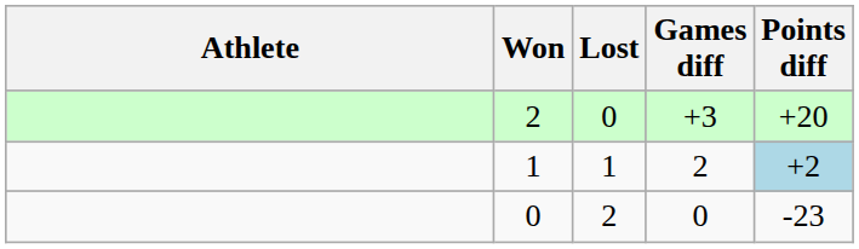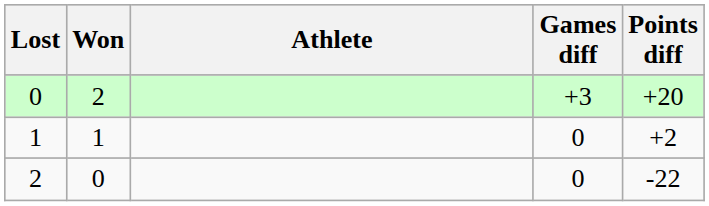 <table class="wikitable">
 <tr>
+<th>Lost</th>
+<th>Won</th>
 <th style="width:15em">Athlete</th>
-<th>Won</th>
-<th>Lost</th>
 <th>Games<br>diff</th>
 <th>Points<br>diff</th>
 </tr>
 <tr bgcolor="#ccffcc">
+<td align="center">0</td>
+<td align="center">2</td>
 <td></td>
-<td align="center">2</td>
-<td align="center">0</td>
 <td align="center">+3</td>
 <td align="center">+20</td>
 </tr>
 <tr>
-<td></td>
 <td align="center">1</td>
 <td align="center">1</td>
-<td align="center">2</td>
-<td align="center" style="background: lightblue;">+2</td>
+<td></td>
+<td align="center">0</td>
+<td align="center">+2</td>
 </tr>
 <tr>
+<td align="center">2</td>
+<td align="center">0</td>
 <td></td>
 <td align="center">0</td>
-<td align="center">2</td>
-<td align="center">0</td>
-<td align="center">-23</td>
+<td align="center">-22</td>
 </tr>
 </table>
